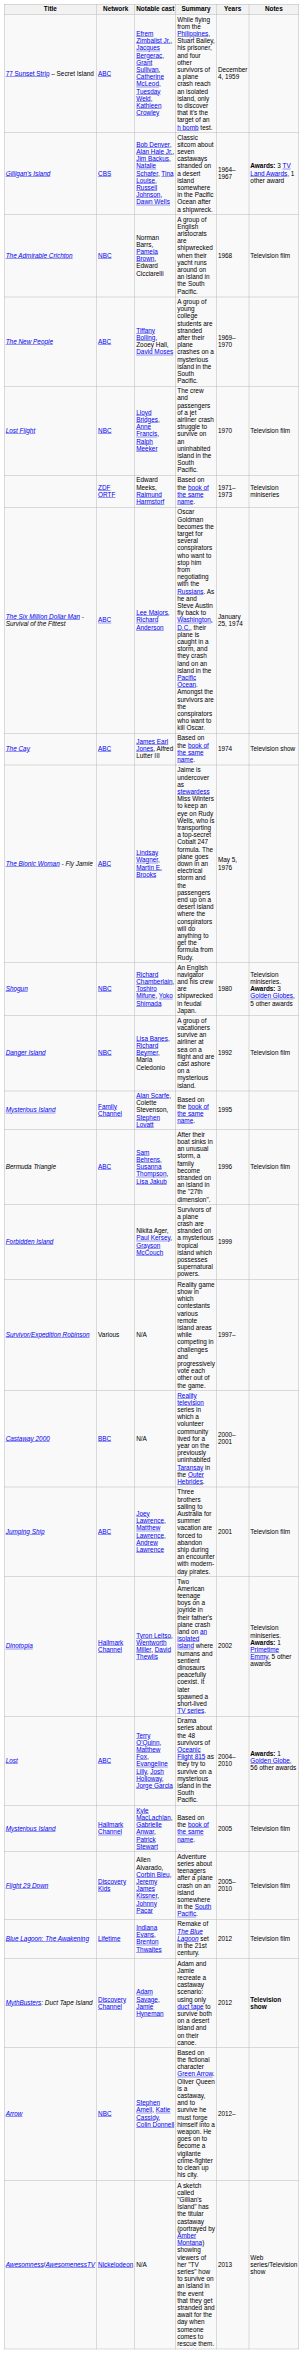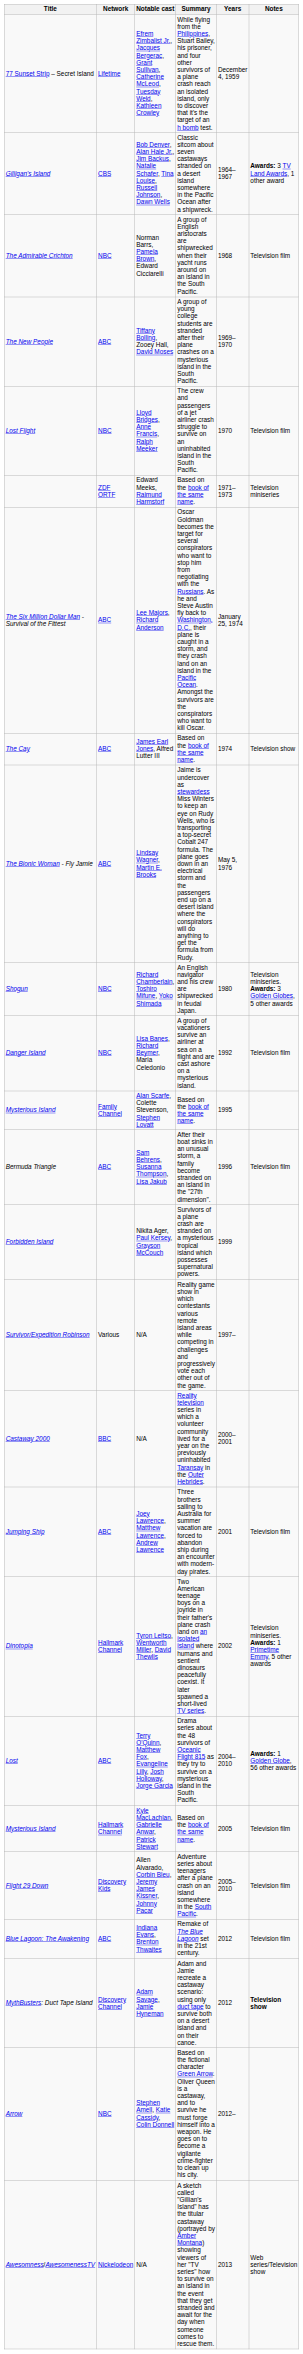 <table class="wikitable sortable">
 <tr>
 <th>Title</th>
 <th>Network</th>
 <th>Notable cast</th>
 <th>Summary</th>
 <th>Years</th>
 <th>Notes</th>
 </tr>
 <tr>
 <td><a href='#'>77 Sunset Strip</a> – Secret Island</td>
-<td><a href='#'>ABC</a></td>
+<td><a href='#'>Lifetime</a></td>
 <td><a href='#'>Efrem Zimbalist Jr.</a>, <a href='#'>Jacques Bergerac</a>, <a href='#'>Grant Sullivan</a>, <a href='#'>Catherine McLeod</a>, <a href='#'>Tuesday Weld</a>, <a href='#'>Kathleen Crowley</a></td>
 <td>While flying from the <a href='#'>Philippines</a>, Stuart Bailey, his prisoner, and four other survivors of a plane crash reach an isolated island, only to discover that it's the target of an <a href='#'>h bomb</a> test.</td>
 <td>December 4, 1959</td>
 <td></td>
 </tr>
 <tr>
 <td><em><a href='#'>Gilligan's Island</a></em></td>
 <td><a href='#'>CBS</a></td>
 <td><a href='#'>Bob Denver</a>, <a href='#'>Alan Hale Jr.</a>, <a href='#'>Jim Backus</a>, <a href='#'>Natalie Schafer</a>, <a href='#'>Tina Louise</a>, <a href='#'>Russell Johnson</a>, <a href='#'>Dawn Wells</a></td>
 <td>Classic sitcom about seven castaways stranded on a desert island somewhere in the Pacific Ocean after a shipwreck.</td>
 <td>1964–1967</td>
 <td><strong>Awards:</strong> 3 <a href='#'>TV Land Awards</a>, 1 other award</td>
 </tr>
 <tr>
 <td><em><a href='#'>The Admirable Crichton</a></em></td>
 <td><a href='#'>NBC</a></td>
 <td>Norman Barrs, <a href='#'>Pamela Brown</a>, Edward Cicciarelli</td>
 <td>A group of English aristocrats are shipwrecked when their yacht runs around on an island in the South Pacific.</td>
 <td>1968</td>
 <td>Television film</td>
 </tr>
 <tr>
 <td><em><a href='#'>The New People</a></em></td>
 <td><a href='#'>ABC</a></td>
 <td><a href='#'>Tiffany Bolling</a>, Zooey Hall, <a href='#'>David Moses</a></td>
 <td>A group of young college students are stranded after their plane crashes on a mysterious island in the South Pacific.</td>
 <td>1969–1970</td>
 <td></td>
 </tr>
 <tr>
 <td><em><a href='#'>Lost Flight</a></em></td>
 <td><a href='#'>NBC</a></td>
 <td><a href='#'>Lloyd Bridges</a>, <a href='#'>Anne Francis</a>, <a href='#'>Ralph Meeker</a></td>
 <td>The crew and passengers of a jet airliner crash struggle to survive on an uninhabited island in the South Pacific.</td>
 <td>1970</td>
 <td>Television film</td>
 </tr>
 <tr>
 <td><em></em></td>
 <td><a href='#'>ZDF</a><br><a href='#'>ORTF</a></td>
 <td>Edward Meeks, <a href='#'>Raimund Harmstorf</a></td>
 <td>Based on the <a href='#'>book of the same name</a>.</td>
 <td>1971–1973</td>
 <td>Television miniseries</td>
 </tr>
 <tr>
 <td><em><a href='#'>The Six Million Dollar Man</a> - Survival of the Fittest</em></td>
 <td><a href='#'>ABC</a></td>
 <td><a href='#'>Lee Majors</a>, <a href='#'>Richard Anderson</a></td>
 <td>Oscar Goldman becomes the target for several conspirators who want to stop him from negotiating with the <a href='#'>Russians</a>. As he and Steve Austin fly back to <a href='#'>Washington, D.C.</a>, their plane is caught in a storm, and they crash land on an island in the <a href='#'>Pacific Ocean</a>. Amongst the survivors are the conspirators who want to kill Oscar.</td>
 <td>January 25, 1974</td>
 <td></td>
 </tr>
 <tr>
 <td><em><a href='#'>The Cay</a></em></td>
 <td><a href='#'>ABC</a></td>
 <td><a href='#'>James Earl Jones</a>, Alfred Lutter III</td>
 <td>Based on the <a href='#'>book of the same name</a>.</td>
 <td>1974</td>
 <td>Television show</td>
 </tr>
 <tr>
 <td><em><a href='#'>The Bionic Woman</a> - Fly Jamie</em></td>
 <td><a href='#'>ABC</a></td>
 <td><a href='#'>Lindsay Wagner</a>, <a href='#'>Martin E. Brooks</a></td>
 <td>Jaime is undercover as <a href='#'>stewardess</a> Miss Winters to keep an eye on Rudy Wells, who is transporting a top-secret Cobalt 247 formula. The plane goes down in an electrical storm and the passengers end up on a desert island where the conspirators will do anything to get the formula from Rudy.</td>
 <td>May 5, 1976</td>
 </tr>
 <tr>
 <td><em><a href='#'>Shogun</a></em></td>
 <td><a href='#'>NBC</a></td>
 <td><a href='#'>Richard Chamberlain</a>, <a href='#'>Toshiro Mifune</a>, <a href='#'>Yoko Shimada</a></td>
 <td>An English navigator and his crew are shipwrecked in feudal Japan.</td>
 <td>1980</td>
 <td>Television miniseries.<br> <strong>Awards:</strong> 3 <a href='#'>Golden Globes</a>, 5 other awards</td>
 </tr>
 <tr>
 <td><em><a href='#'>Danger Island</a></em></td>
 <td><a href='#'>NBC</a></td>
 <td><a href='#'>Lisa Banes</a>, <a href='#'>Richard Beymer</a>, Maria Celedonio</td>
 <td>A group of vacationers survive an airliner at sea on a flight and are cast ashore on a mysterious island.</td>
 <td>1992</td>
 <td>Television film</td>
 </tr>
 <tr>
 <td><em><a href='#'>Mysterious Island</a></em></td>
 <td><a href='#'>Family Channel</a></td>
 <td><a href='#'>Alan Scarfe</a>, Colette Stevenson, <a href='#'>Stephen Lovatt</a></td>
 <td>Based on the <a href='#'>book of the same name</a>.</td>
 <td>1995</td>
 <td></td>
 </tr>
 <tr>
 <td><em>Bermuda Triangle</em></td>
 <td><a href='#'>ABC</a></td>
 <td><a href='#'>Sam Behrens</a>, <a href='#'>Susanna Thompson</a>, <a href='#'>Lisa Jakub</a></td>
 <td>After their boat sinks in an unusual storm, a family become stranded on an island in the "27th dimension".</td>
 <td>1996</td>
 <td>Television film</td>
 </tr>
 <tr>
 <td><em><a href='#'>Forbidden Island</a></em></td>
 <td></td>
 <td>Nikita Ager, <a href='#'>Paul Kersey</a>, <a href='#'>Grayson McCouch</a></td>
 <td>Survivors of a plane crash are stranded on a mysterious tropical island which possesses supernatural powers.</td>
 <td>1999</td>
 <td></td>
 </tr>
 <tr>
 <td><em><a href='#'>Survivor/Expedition Robinson</a></em></td>
 <td>Various</td>
 <td>N/A</td>
 <td>Reality game show in which contestants various remote island areas while competing in challenges and progressively vote each other out of the game.</td>
 <td>1997–</td>
 <td></td>
 </tr>
 <tr>
 <td><em><a href='#'>Castaway 2000</a></em></td>
 <td><a href='#'>BBC</a></td>
 <td>N/A</td>
 <td><a href='#'>Reality television</a> series in which a volunteer community lived for a year on the previously uninhabited <a href='#'>Taransay</a> in the <a href='#'>Outer Hebrides</a>.</td>
 <td>2000–2001</td>
 <td></td>
 </tr>
 <tr>
 <td><em><a href='#'>Jumping Ship</a></em></td>
 <td><a href='#'>ABC</a></td>
 <td><a href='#'>Joey Lawrence</a>, <a href='#'>Matthew Lawrence</a>, <a href='#'>Andrew Lawrence</a></td>
 <td>Three brothers sailing to Australia for summer vacation are forced to abandon ship during an encounter with modern-day pirates.</td>
 <td>2001</td>
 <td>Television film</td>
 </tr>
 <tr>
 <td><em><a href='#'>Dinotopia</a></em></td>
 <td><a href='#'>Hallmark Channel</a></td>
 <td><a href='#'>Tyron Leitso</a>, <a href='#'>Wentworth Miller</a>, <a href='#'>David Thewlis</a></td>
 <td>Two American teenage boys on a joyride in their father's plane crash land on <a href='#'>an isolated island</a> where humans and sentient dinosaurs peacefully coexist. It later spawned a short-lived <a href='#'>TV series</a>.</td>
 <td>2002</td>
 <td>Television miniseries.<br> <strong>Awards:</strong> 1 <a href='#'>Primetime Emmy</a>, 5 other awards</td>
 </tr>
 <tr>
 <td><em><a href='#'>Lost</a></em></td>
 <td><a href='#'>ABC</a></td>
 <td><a href='#'>Terry O'Quinn</a>, <a href='#'>Matthew Fox</a>, <a href='#'>Evangeline Lilly</a>, <a href='#'>Josh Holloway</a>, <a href='#'>Jorge Garcia</a></td>
 <td>Drama series about the 48 survivors of <a href='#'>Oceanic Flight 815</a> as they try to survive on a mysterious island in the South Pacific.</td>
 <td>2004–2010</td>
 <td><strong>Awards:</strong> 1 <a href='#'>Golden Globe</a>, 56 other awards</td>
 </tr>
 <tr>
 <td><em><a href='#'>Mysterious Island</a></em></td>
 <td><a href='#'>Hallmark Channel</a></td>
 <td><a href='#'>Kyle MacLachlan</a>, <a href='#'>Gabrielle Anwar</a>, <a href='#'>Patrick Stewart</a></td>
 <td>Based on the <a href='#'>book of the same name</a>.</td>
 <td>2005</td>
 <td>Television film</td>
 </tr>
 <tr>
 <td><em><a href='#'>Flight 29 Down</a></em></td>
 <td><a href='#'>Discovery Kids</a></td>
 <td>Allen Alvarado, <a href='#'>Corbin Bleu</a>, <a href='#'>Jeremy James Kissner</a>, <a href='#'>Johnny Pacar</a></td>
 <td>Adventure series about teenagers after a plane crash on an island somewhere in the <a href='#'>South Pacific</a>.</td>
 <td>2005–2010</td>
 <td>Television film</td>
 </tr>
 <tr>
 <td><em><a href='#'>Blue Lagoon: The Awakening</a></em></td>
-<td><a href='#'>Lifetime</a></td>
+<td><a href='#'>ABC</a></td>
 <td><a href='#'>Indiana Evans</a>, <a href='#'>Brenton Thwaites</a></td>
 <td>Remake of <em><a href='#'>The Blue Lagoon</a></em> set in the 21st century.</td>
 <td>2012</td>
 <td>Television film</td>
 </tr>
 <tr>
 <td><em><a href='#'>MythBusters</a>: Duct Tape Island</em></td>
 <td><a href='#'>Discovery Channel</a></td>
 <td><a href='#'>Adam Savage</a>, <a href='#'>Jamie Hyneman</a></td>
 <td>Adam and Jamie recreate a castaway scenario: using only <a href='#'>duct tape</a> to survive both on a desert island and on their canoe.</td>
 <td>2012</td>
 <td><strong>Television show</strong></td>
 </tr>
 <tr>
 <td><em><a href='#'>Arrow</a></em></td>
 <td><a href='#'>NBC</a></td>
 <td><a href='#'>Stephen Amell</a>, <a href='#'>Katie Cassidy</a>, <a href='#'>Colin Donnell</a></td>
 <td>Based on the fictional character <a href='#'>Green Arrow</a>. Oliver Queen is a castaway, and to survive he must forge himself into a weapon. He goes on to become a vigilante crime-fighter to clean up his city.</td>
 <td>2012–</td>
 <td></td>
 </tr>
 <tr>
 <td><em><a href='#'>Awesomness</a></em>/<em><a href='#'>AwesomenessTV</a></em></td>
 <td><a href='#'>Nickelodeon</a></td>
 <td>N/A</td>
 <td>A sketch called "Gillian's Island" has the titular castaway (portrayed by <a href='#'>Amber Montana</a>) showing viewers of her "TV series" how to survive on an island in the event that they get stranded and await for the day when someone comes to rescue them.</td>
 <td>2013</td>
 <td>Web series/Television show</td>
 </tr>
 </table>
